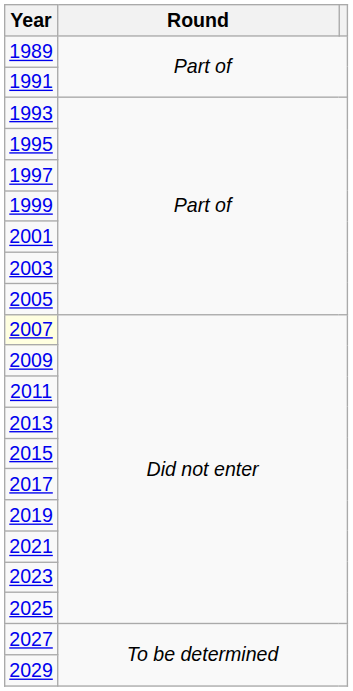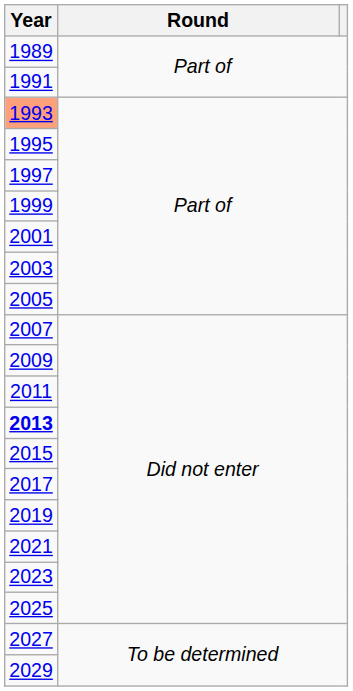 <table class="wikitable" style="text-align: center; font-size:90%">
 <tr>
 <th>Year</th>
 <th style="width:200px">Round</th>
 <th></th>
 </tr>
 <tr>
 <td><a href='#'>1989</a></td>
 <td colspan="2" rowspan="2"><em>Part of </em></td>
 </tr>
 <tr>
 <td><a href='#'>1991</a></td>
 </tr>
 <tr>
-<td><a href='#'>1993</a></td>
+<td style="background: lightsalmon;"><a href='#'>1993</a></td>
 <td colspan="2" rowspan="7"><em>Part of </em></td>
 </tr>
 <tr>
 <td><a href='#'>1995</a></td>
 </tr>
 <tr>
 <td><a href='#'>1997</a></td>
 </tr>
 <tr>
 <td><a href='#'>1999</a></td>
 </tr>
 <tr>
 <td><a href='#'>2001</a></td>
 </tr>
 <tr>
 <td><a href='#'>2003</a></td>
 </tr>
 <tr>
 <td><a href='#'>2005</a></td>
 </tr>
 <tr>
-<td style="background: lightyellow;"><a href='#'>2007</a></td>
+<td><a href='#'>2007</a></td>
 <td colspan="2" rowspan="10"><em>Did not enter</em></td>
 </tr>
 <tr>
 <td><a href='#'>2009</a></td>
 </tr>
 <tr>
 <td><a href='#'>2011</a></td>
 </tr>
 <tr>
-<td><a href='#'>2013</a></td>
+<td><strong><a href='#'>2013</a></strong></td>
 </tr>
 <tr>
 <td><a href='#'>2015</a></td>
 </tr>
 <tr>
 <td><a href='#'>2017</a></td>
 </tr>
 <tr>
 <td><a href='#'>2019</a></td>
 </tr>
 <tr>
 <td><a href='#'>2021</a></td>
 </tr>
 <tr>
 <td><a href='#'>2023</a></td>
 </tr>
 <tr>
 <td><a href='#'>2025</a></td>
 </tr>
 <tr>
 <td><a href='#'>2027</a></td>
 <td colspan="2" rowspan="2"><em>To be determined</em></td>
 </tr>
 <tr>
 <td><a href='#'>2029</a></td>
 </tr>
 </table>
